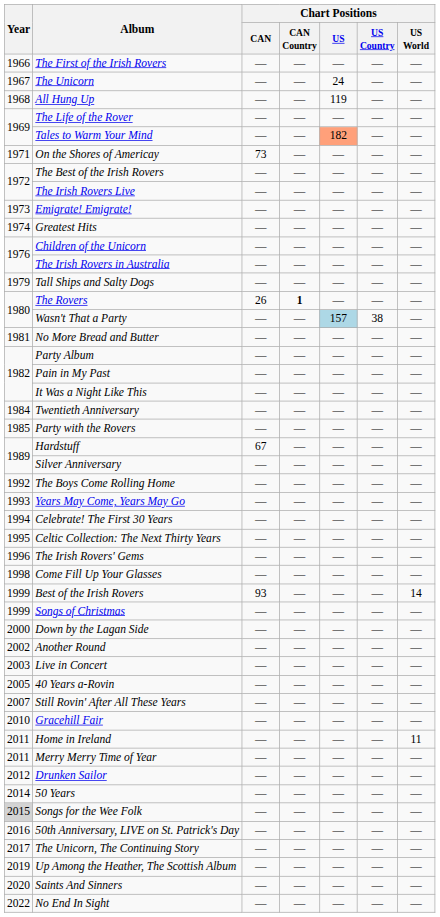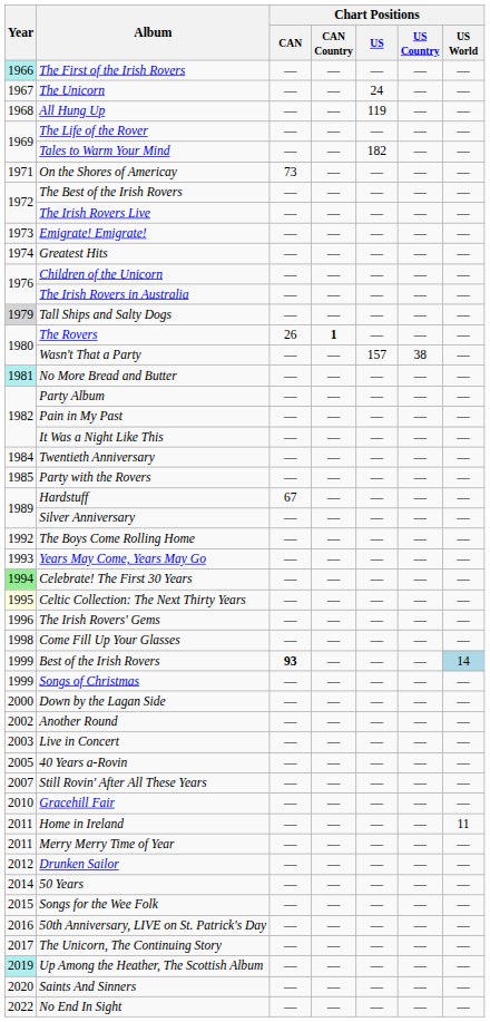 <table class="wikitable">
 <tr>
 <th rowspan="2">Year</th>
 <th rowspan="2">Album</th>
 <th colspan="5">Chart Positions</th>
 </tr>
 <tr>
 <th width="45"><small>CAN</small></th>
 <th width="45"><small>CAN Country</small></th>
 <th width="45"><small><a href='#'>US</a></small></th>
 <th width="45"><small><a href='#'>US Country</a></small></th>
 <th width="45"><small>US World</small></th>
 </tr>
 <tr>
-<td>1966</td>
+<td style="background: paleturquoise;">1966</td>
 <td><em><a href='#'>The First of the Irish Rovers</a></em></td>
 <td align="center">—</td>
 <td align="center">—</td>
 <td align="center">—</td>
 <td align="center">—</td>
 <td align="center">—</td>
 </tr>
 <tr>
 <td>1967</td>
 <td><em><a href='#'>The Unicorn</a></em></td>
 <td align="center">—</td>
 <td align="center">—</td>
 <td align="center">24</td>
 <td align="center">—</td>
 <td align="center">—</td>
 </tr>
 <tr>
 <td>1968</td>
 <td><em><a href='#'>All Hung Up</a></em></td>
 <td align="center">—</td>
 <td align="center">—</td>
 <td align="center">119</td>
 <td align="center">—</td>
 <td align="center">—</td>
 </tr>
 <tr>
 <td rowspan="2">1969</td>
 <td><em><a href='#'>The Life of the Rover</a></em></td>
 <td align="center">—</td>
 <td align="center">—</td>
 <td align="center">—</td>
 <td align="center">—</td>
 <td align="center">—</td>
 </tr>
 <tr>
 <td><em><a href='#'>Tales to Warm Your Mind</a></em></td>
 <td align="center">—</td>
 <td align="center">—</td>
-<td align="center" style="background: lightsalmon;">182</td>
+<td align="center">182</td>
 <td align="center">—</td>
 <td align="center">—</td>
 </tr>
 <tr>
 <td>1971</td>
 <td><em>On the Shores of Americay</em></td>
 <td align="center">73</td>
 <td align="center">—</td>
 <td align="center">—</td>
 <td align="center">—</td>
 <td align="center">—</td>
 </tr>
 <tr>
 <td rowspan="2">1972</td>
 <td><em>The Best of the Irish Rovers</em></td>
 <td align="center">—</td>
 <td align="center">—</td>
 <td align="center">—</td>
 <td align="center">—</td>
 <td align="center">—</td>
 </tr>
 <tr>
 <td><em><a href='#'>The Irish Rovers Live</a></em></td>
 <td align="center">—</td>
 <td align="center">—</td>
 <td align="center">—</td>
 <td align="center">—</td>
 <td align="center">—</td>
 </tr>
 <tr>
 <td>1973</td>
 <td><em><a href='#'>Emigrate! Emigrate!</a></em></td>
 <td align="center">—</td>
 <td align="center">—</td>
 <td align="center">—</td>
 <td align="center">—</td>
 <td align="center">—</td>
 </tr>
 <tr>
 <td>1974</td>
 <td><em>Greatest Hits</em></td>
 <td align="center">—</td>
 <td align="center">—</td>
 <td align="center">—</td>
 <td align="center">—</td>
 <td align="center">—</td>
 </tr>
 <tr>
 <td rowspan="2">1976</td>
 <td><em><a href='#'>Children of the Unicorn</a></em></td>
 <td align="center">—</td>
 <td align="center">—</td>
 <td align="center">—</td>
 <td align="center">—</td>
 <td align="center">—</td>
 </tr>
 <tr>
 <td><em><a href='#'>The Irish Rovers in Australia</a></em></td>
 <td align="center">—</td>
 <td align="center">—</td>
 <td align="center">—</td>
 <td align="center">—</td>
 <td align="center">—</td>
 </tr>
 <tr>
-<td>1979</td>
+<td style="background: lightgrey;">1979</td>
 <td><em>Tall Ships and Salty Dogs</em></td>
 <td align="center">—</td>
 <td align="center">—</td>
 <td align="center">—</td>
 <td align="center">—</td>
 <td align="center">—</td>
 </tr>
 <tr>
 <td rowspan="2">1980</td>
 <td><em><a href='#'>The Rovers</a></em></td>
 <td align="center">26</td>
 <td align="center"><strong>1</strong></td>
 <td align="center">—</td>
 <td align="center">—</td>
 <td align="center">—</td>
 </tr>
 <tr>
 <td><em>Wasn't That a Party</em></td>
 <td align="center">—</td>
 <td align="center">—</td>
-<td align="center" style="background: lightblue;">157</td>
+<td align="center">157</td>
 <td align="center">38</td>
 <td align="center">—</td>
 </tr>
 <tr>
-<td>1981</td>
+<td style="background: paleturquoise;">1981</td>
 <td><em>No More Bread and Butter</em></td>
 <td align="center">—</td>
 <td align="center">—</td>
 <td align="center">—</td>
 <td align="center">—</td>
 <td align="center">—</td>
 </tr>
 <tr>
 <td rowspan="3">1982</td>
 <td><em>Party Album</em></td>
 <td align="center">—</td>
 <td align="center">—</td>
 <td align="center">—</td>
 <td align="center">—</td>
 <td align="center">—</td>
 </tr>
 <tr>
 <td><em>Pain in My Past</em></td>
 <td align="center">—</td>
 <td align="center">—</td>
 <td align="center">—</td>
 <td align="center">—</td>
 <td align="center">—</td>
 </tr>
 <tr>
 <td><em>It Was a Night Like This</em></td>
 <td align="center">—</td>
 <td align="center">—</td>
 <td align="center">—</td>
 <td align="center">—</td>
 <td align="center">—</td>
 </tr>
 <tr>
 <td>1984</td>
 <td><em>Twentieth Anniversary</em></td>
 <td align="center">—</td>
 <td align="center">—</td>
 <td align="center">—</td>
 <td align="center">—</td>
 <td align="center">—</td>
 </tr>
 <tr>
 <td>1985</td>
 <td><em>Party with the Rovers</em></td>
 <td align="center">—</td>
 <td align="center">—</td>
 <td align="center">—</td>
 <td align="center">—</td>
 <td align="center">—</td>
 </tr>
 <tr>
 <td rowspan="2">1989</td>
 <td><em>Hardstuff</em></td>
 <td align="center">67</td>
 <td align="center">—</td>
 <td align="center">—</td>
 <td align="center">—</td>
 <td align="center">—</td>
 </tr>
 <tr>
 <td><em>Silver Anniversary</em></td>
 <td align="center">—</td>
 <td align="center">—</td>
 <td align="center">—</td>
 <td align="center">—</td>
 <td align="center">—</td>
 </tr>
 <tr>
 <td>1992</td>
 <td><em>The Boys Come Rolling Home</em></td>
 <td align="center">—</td>
 <td align="center">—</td>
 <td align="center">—</td>
 <td align="center">—</td>
 <td align="center">—</td>
 </tr>
 <tr>
 <td>1993</td>
 <td><em><a href='#'>Years May Come, Years May Go</a></em></td>
 <td align="center">—</td>
 <td align="center">—</td>
 <td align="center">—</td>
 <td align="center">—</td>
 <td align="center">—</td>
 </tr>
 <tr>
-<td>1994</td>
+<td style="background: lightgreen;">1994</td>
 <td><em>Celebrate! The First 30 Years</em></td>
 <td align="center">—</td>
 <td align="center">—</td>
 <td align="center">—</td>
 <td align="center">—</td>
 <td align="center">—</td>
 </tr>
 <tr>
-<td>1995</td>
+<td style="background: lightyellow;">1995</td>
 <td><em>Celtic Collection: The Next Thirty Years</em></td>
 <td align="center">—</td>
 <td align="center">—</td>
 <td align="center">—</td>
 <td align="center">—</td>
 <td align="center">—</td>
 </tr>
 <tr>
 <td>1996</td>
 <td><em>The Irish Rovers' Gems</em></td>
 <td align="center">—</td>
 <td align="center">—</td>
 <td align="center">—</td>
 <td align="center">—</td>
 <td align="center">—</td>
 </tr>
 <tr>
 <td>1998</td>
 <td><em>Come Fill Up Your Glasses</em></td>
 <td align="center">—</td>
 <td align="center">—</td>
 <td align="center">—</td>
 <td align="center">—</td>
 <td align="center">—</td>
 </tr>
 <tr>
 <td>1999</td>
 <td><em>Best of the Irish Rovers</em></td>
-<td align="center">93</td>
+<td align="center"><strong>93</strong></td>
 <td align="center">—</td>
 <td align="center">—</td>
 <td align="center">—</td>
-<td align="center">14</td>
+<td align="center" style="background: lightblue;">14</td>
 </tr>
 <tr>
 <td>1999</td>
 <td><em><a href='#'>Songs of Christmas</a></em></td>
 <td align="center">—</td>
 <td align="center">—</td>
 <td align="center">—</td>
 <td align="center">—</td>
 <td align="center">—</td>
 </tr>
 <tr>
 <td>2000</td>
 <td><em>Down by the Lagan Side</em></td>
 <td align="center">—</td>
 <td align="center">—</td>
 <td align="center">—</td>
 <td align="center">—</td>
 <td align="center">—</td>
 </tr>
 <tr>
 <td>2002</td>
 <td><em>Another Round</em></td>
 <td align="center">—</td>
 <td align="center">—</td>
 <td align="center">—</td>
 <td align="center">—</td>
 <td align="center">—</td>
 </tr>
 <tr>
 <td>2003</td>
 <td><em>Live in Concert</em></td>
 <td align="center">—</td>
 <td align="center">—</td>
 <td align="center">—</td>
 <td align="center">—</td>
 <td align="center">—</td>
 </tr>
 <tr>
 <td>2005</td>
 <td><em>40 Years a-Rovin</em></td>
 <td align="center">—</td>
 <td align="center">—</td>
 <td align="center">—</td>
 <td align="center">—</td>
 <td align="center">—</td>
 </tr>
 <tr>
 <td>2007</td>
 <td><em>Still Rovin' After All These Years</em></td>
 <td align="center">—</td>
 <td align="center">—</td>
 <td align="center">—</td>
 <td align="center">—</td>
 <td align="center">—</td>
 </tr>
 <tr>
 <td>2010</td>
 <td><em><a href='#'>Gracehill Fair</a></em></td>
 <td align="center">—</td>
 <td align="center">—</td>
 <td align="center">—</td>
 <td align="center">—</td>
 <td align="center">—</td>
 </tr>
 <tr>
 <td>2011</td>
 <td><em>Home in Ireland</em></td>
 <td align="center">—</td>
 <td align="center">—</td>
 <td align="center">—</td>
 <td align="center">—</td>
 <td align="center">11</td>
 </tr>
 <tr>
 <td>2011</td>
 <td><em>Merry Merry Time of Year</em></td>
 <td align="center">—</td>
 <td align="center">—</td>
 <td align="center">—</td>
 <td align="center">—</td>
 <td align="center">—</td>
 </tr>
 <tr>
 <td>2012</td>
 <td><em><a href='#'>Drunken Sailor</a></em></td>
 <td align="center">—</td>
 <td align="center">—</td>
 <td align="center">—</td>
 <td align="center">—</td>
 <td align="center">—</td>
 </tr>
 <tr>
 <td>2014</td>
 <td><em>50 Years</em></td>
 <td align="center">—</td>
 <td align="center">—</td>
 <td align="center">—</td>
 <td align="center">—</td>
 <td align="center">—</td>
 </tr>
 <tr>
-<td style="background: lightgrey;">2015</td>
+<td>2015</td>
 <td><em>Songs for the Wee Folk</em></td>
 <td align="center">—</td>
 <td align="center">—</td>
 <td align="center">—</td>
 <td align="center">—</td>
 <td align="center">—</td>
 </tr>
 <tr>
 <td>2016</td>
 <td><em>50th Anniversary, LIVE on St. Patrick's Day</em></td>
 <td align="center">—</td>
 <td align="center">—</td>
 <td align="center">—</td>
 <td align="center">—</td>
 <td align="center">—</td>
 </tr>
 <tr>
 <td>2017</td>
 <td><em>The Unicorn, The Continuing Story</em></td>
 <td align="center">—</td>
 <td align="center">—</td>
 <td align="center">—</td>
 <td align="center">—</td>
 <td align="center">—</td>
 </tr>
 <tr>
-<td>2019</td>
+<td style="background: paleturquoise;">2019</td>
 <td><em>Up Among the Heather, The Scottish Album</em></td>
 <td align="center">—</td>
 <td align="center">—</td>
 <td align="center">—</td>
 <td align="center">—</td>
 <td align="center">—</td>
 </tr>
 <tr>
 <td>2020</td>
 <td><em>Saints And Sinners</em></td>
 <td align="center">—</td>
 <td align="center">—</td>
 <td align="center">—</td>
 <td align="center">—</td>
 <td align="center">—</td>
 </tr>
 <tr>
 <td>2022</td>
 <td><em>No End In Sight</em></td>
 <td align="center">—</td>
 <td align="center">—</td>
 <td align="center">—</td>
 <td align="center">—</td>
 <td align="center">—</td>
 </tr>
 </table>
